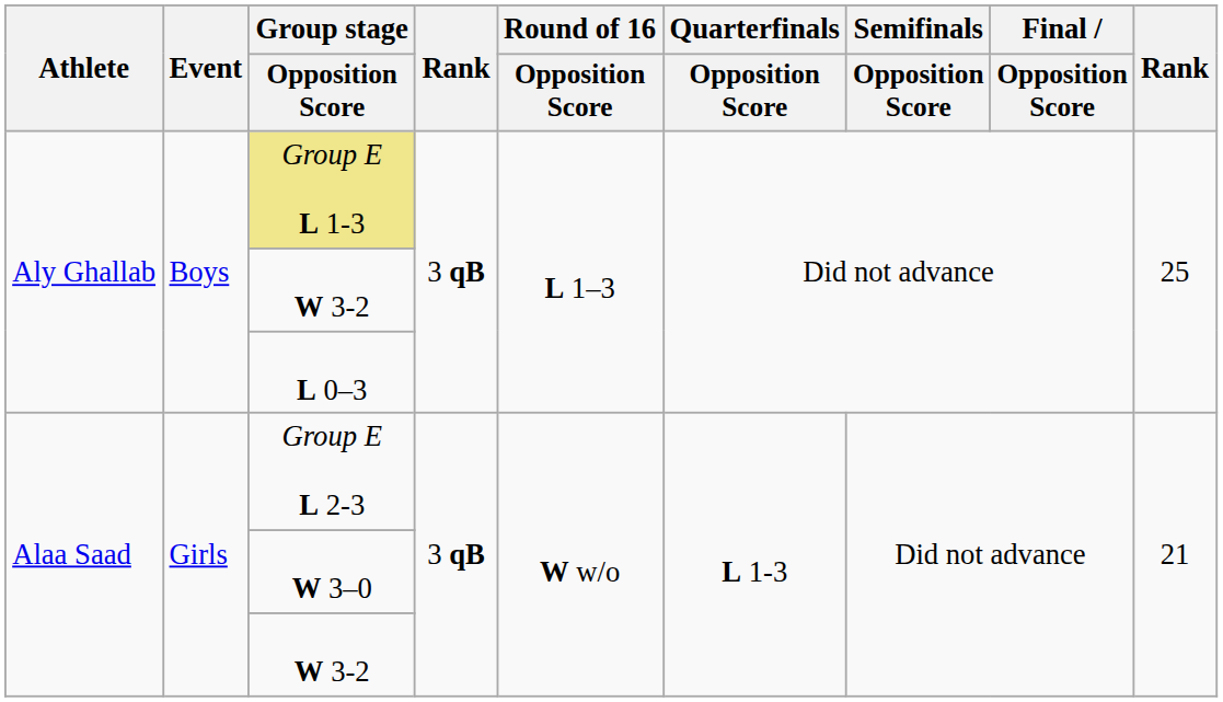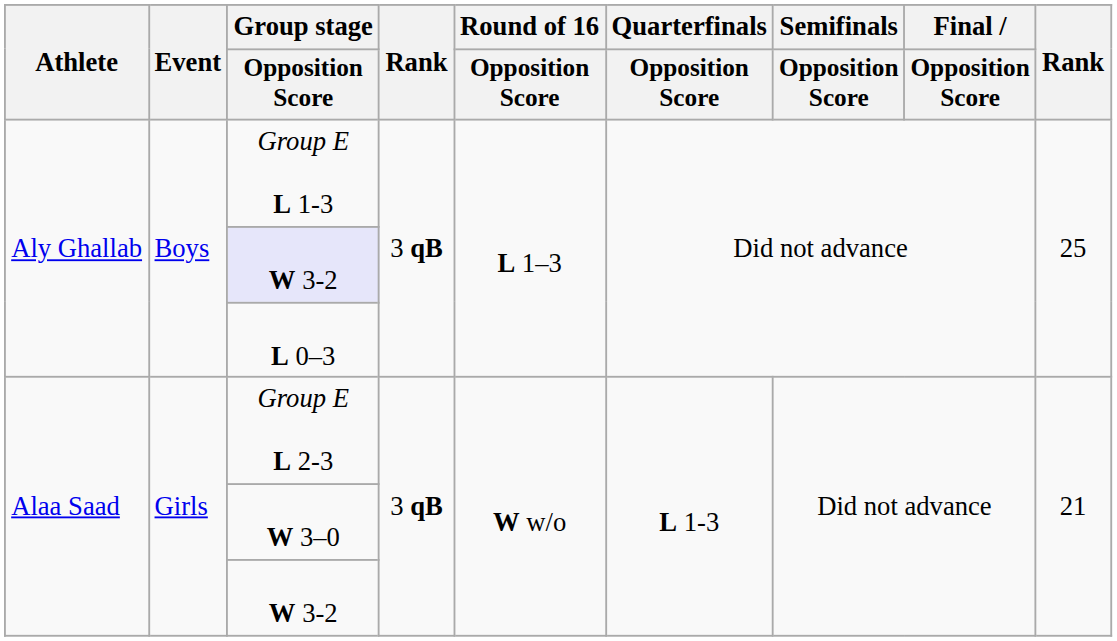 <table class=wikitable style="font-size:90%">
 <tr>
 <th rowspan="2">Athlete</th>
 <th rowspan="2">Event</th>
 <th>Group stage</th>
 <th rowspan="2">Rank</th>
 <th>Round of 16</th>
 <th>Quarterfinals</th>
 <th>Semifinals</th>
 <th>Final / </th>
 <th rowspan=2>Rank</th>
 </tr>
 <tr style="font-size:95%">
 <th>Opposition<br>Score</th>
 <th>Opposition<br>Score</th>
 <th>Opposition<br>Score</th>
 <th>Opposition<br>Score</th>
 <th>Opposition<br>Score</th>
 </tr>
 <tr align=center>
 <td align=left rowspan=3><a href='#'>Aly Ghallab</a></td>
 <td align=left rowspan=3><a href='#'>Boys</a></td>
-<td style="background: khaki;"><em>Group E</em><br><br><strong>L</strong> 1-3</td>
+<td><em>Group E</em><br><br><strong>L</strong> 1-3</td>
 <td rowspan=3>3 <strong>qB</strong></td>
 <td rowspan=3><br><strong>L</strong> 1–3</td>
 <td rowspan=3 colspan=3>Did not advance</td>
 <td rowspan=3>25</td>
 </tr>
 <tr align=center>
-<td><br><strong>W</strong> 3-2</td>
+<td style="background: lavender;"><br><strong>W</strong> 3-2</td>
 </tr>
 <tr align=center>
 <td><br><strong>L</strong> 0–3</td>
 </tr>
 <tr align=center>
 <td align=left rowspan=3><a href='#'>Alaa Saad</a></td>
 <td align=left rowspan=3><a href='#'>Girls</a></td>
 <td><em>Group E</em><br><br><strong>L</strong> 2-3</td>
 <td rowspan=3>3 <strong>qB</strong></td>
 <td rowspan=3><br><strong>W</strong> w/o</td>
 <td rowspan=3><br><strong>L</strong> 1-3</td>
 <td rowspan=3 colspan=2>Did not advance</td>
 <td rowspan=3>21</td>
 </tr>
 <tr align=center>
 <td><br><strong>W</strong> 3–0</td>
 </tr>
 <tr align=center>
 <td><br><strong>W</strong> 3-2</td>
 </tr>
 </table>
